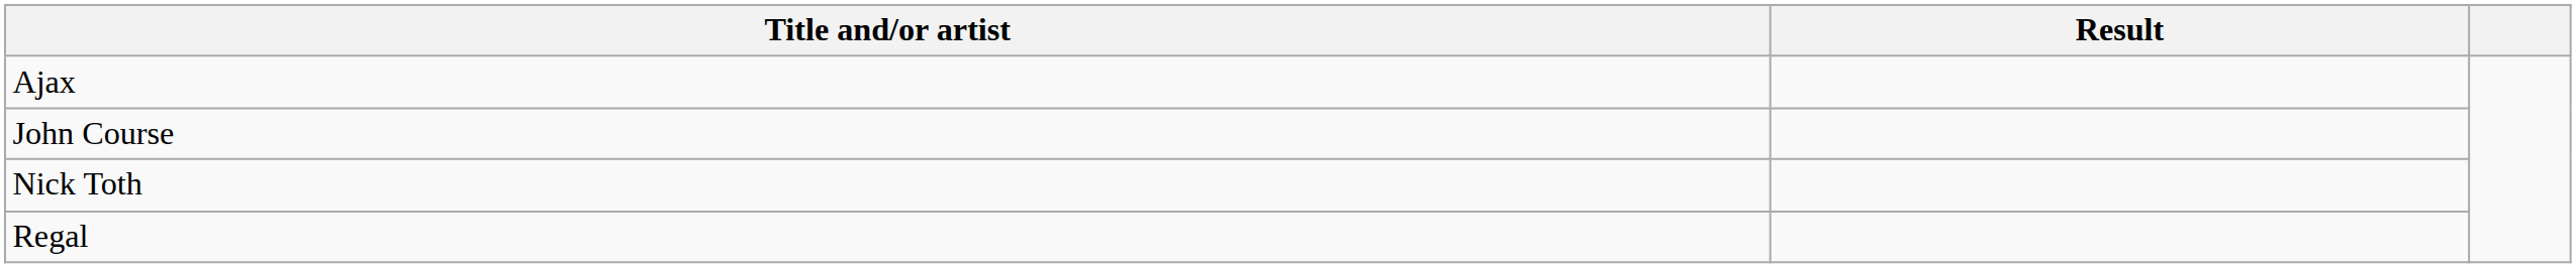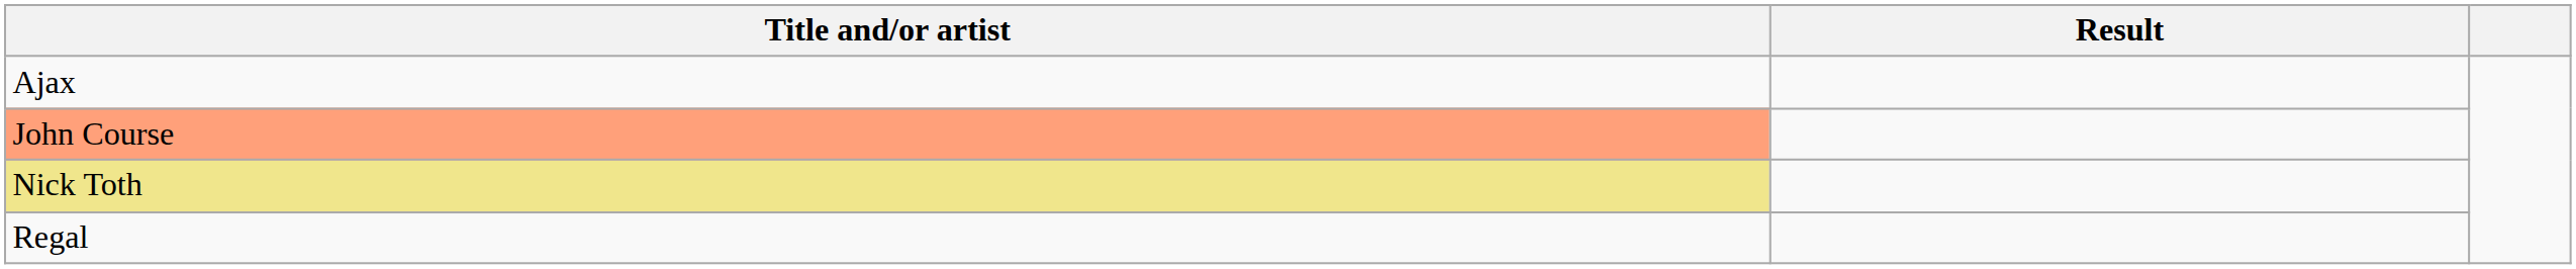 <table class="wikitable" width="100%">
 <tr>
 <th scope="col">Title and/or artist</th>
 <th scope="col">Result</th>
 <th scope="col"></th>
 </tr>
 <tr>
 <td>Ajax</td>
 <td></td>
 <td rowspan="4"></td>
 </tr>
 <tr>
-<td>John Course</td>
+<td style="background: lightsalmon;">John Course</td>
 <td></td>
 </tr>
 <tr>
-<td>Nick Toth</td>
+<td style="background: khaki;">Nick Toth</td>
 <td></td>
 </tr>
 <tr>
 <td>Regal</td>
 <td></td>
 </tr>
 </table>
